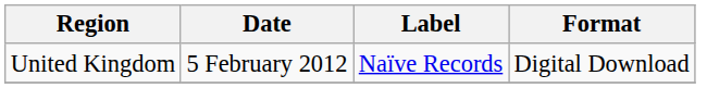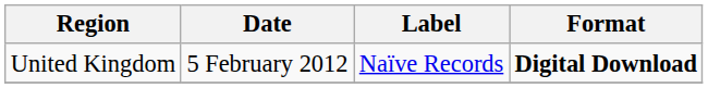 <table class=wikitable>
 <tr>
 <th>Region</th>
 <th>Date</th>
 <th>Label</th>
 <th>Format</th>
 </tr>
 <tr>
 <td align="center">United Kingdom</td>
 <td>5 February 2012</td>
 <td><a href='#'>Naïve Records</a></td>
-<td>Digital Download</td>
+<td><strong>Digital Download</strong></td>
 </tr>
 <tr>
 </tr>
 </table>
